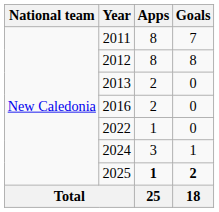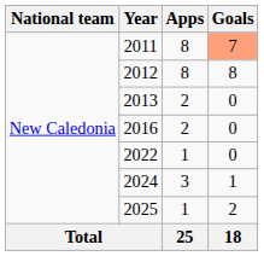 <table class="wikitable" style="text-align:center">
 <tr>
 <th>National team</th>
 <th>Year</th>
 <th>Apps</th>
 <th>Goals</th>
 </tr>
 <tr>
 <td rowspan="7"><a href='#'>New Caledonia</a></td>
 <td>2011</td>
 <td>8</td>
-<td>7</td>
+<td style="background: lightsalmon;">7</td>
 </tr>
 <tr>
 <td>2012</td>
 <td>8</td>
 <td>8</td>
 </tr>
 <tr>
 <td>2013</td>
 <td>2</td>
 <td>0</td>
 </tr>
 <tr>
 <td>2016</td>
 <td>2</td>
 <td>0</td>
 </tr>
 <tr>
 <td>2022</td>
 <td>1</td>
 <td>0</td>
 </tr>
 <tr>
 <td>2024</td>
 <td>3</td>
 <td>1</td>
 </tr>
 <tr>
 <td>2025</td>
-<td><strong>1</strong></td>
-<td><strong>2</strong></td>
+<td>1</td>
+<td>2</td>
 </tr>
 <tr>
 <th colspan="2">Total</th>
 <th>25</th>
 <th>18</th>
 </tr>
 </table>
